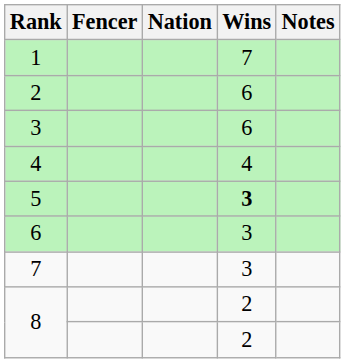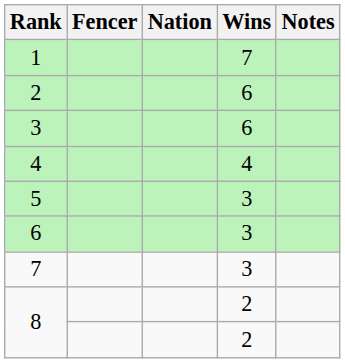 <table class="wikitable sortable" style="text-align:center">
 <tr>
 <th>Rank</th>
 <th>Fencer</th>
 <th>Nation</th>
 <th>Wins</th>
 <th>Notes</th>
 </tr>
 <tr style="background:#bbf3bb;">
 <td>1</td>
 <td align=left></td>
 <td align=left></td>
 <td>7</td>
 <td></td>
 </tr>
 <tr style="background:#bbf3bb;">
 <td>2</td>
 <td align=left></td>
 <td align=left></td>
 <td>6</td>
 <td></td>
 </tr>
 <tr style="background:#bbf3bb;">
 <td>3</td>
 <td align=left></td>
 <td align=left></td>
 <td>6</td>
 <td></td>
 </tr>
 <tr style="background:#bbf3bb;">
 <td>4</td>
 <td align=left></td>
 <td align=left></td>
 <td>4</td>
 <td></td>
 </tr>
 <tr style="background:#bbf3bb;">
 <td>5</td>
 <td align=left></td>
 <td align=left></td>
-<td><strong>3</strong></td>
+<td>3</td>
 <td></td>
 </tr>
 <tr style="background:#bbf3bb;">
 <td>6</td>
 <td align=left></td>
 <td align=left></td>
 <td>3</td>
 <td></td>
 </tr>
 <tr>
 <td>7</td>
 <td align=left></td>
 <td align=left></td>
 <td>3</td>
 <td></td>
 </tr>
 <tr>
 <td rowspan=2>8</td>
 <td align=left></td>
 <td align=left></td>
 <td>2</td>
 <td></td>
 </tr>
 <tr>
 <td align=left></td>
 <td align=left></td>
 <td>2</td>
 <td></td>
 </tr>
 </table>
